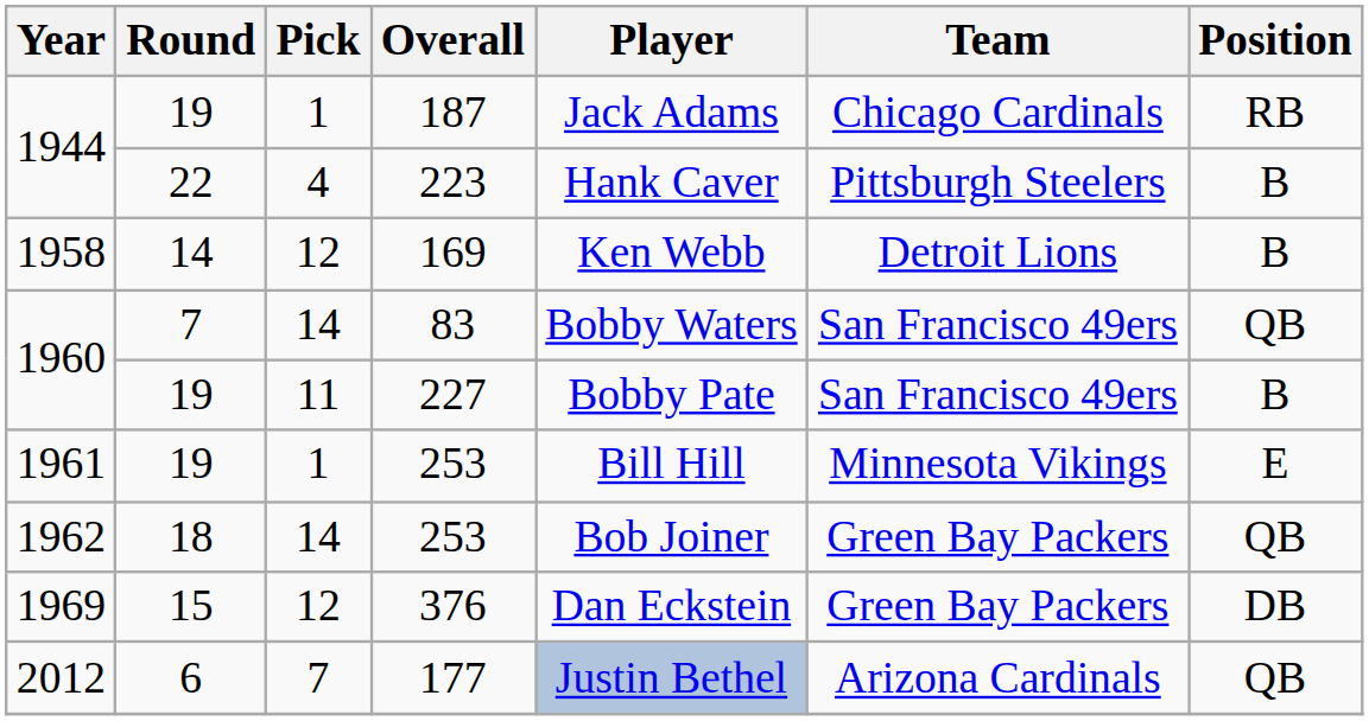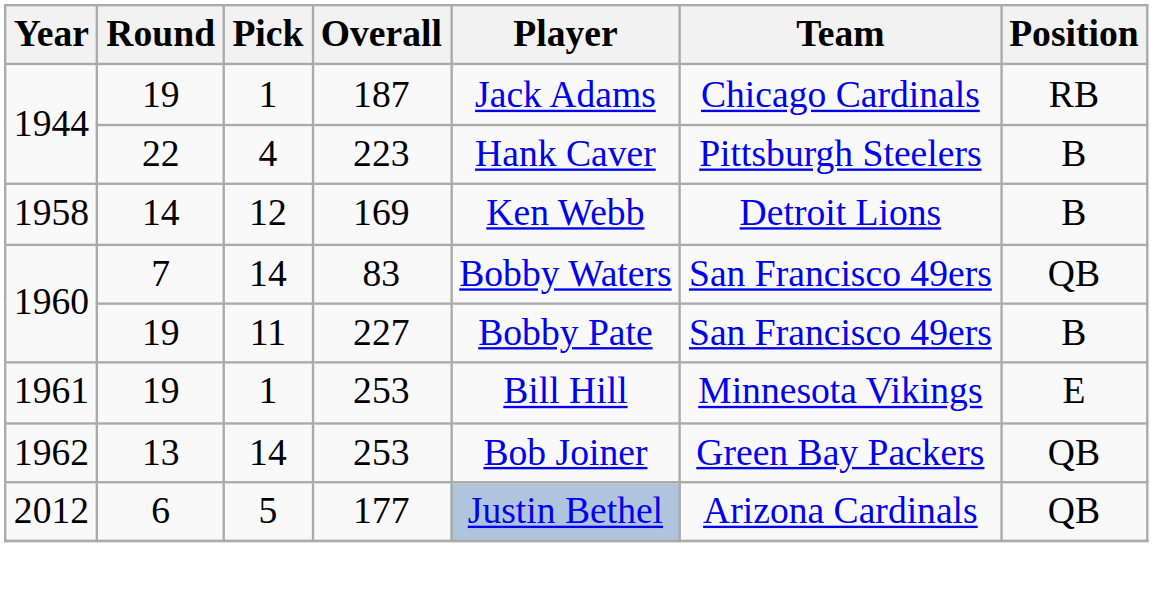 <table class="wikitable sortable" style="text-align: center;">
 <tr>
 <th>Year</th>
 <th>Round</th>
 <th>Pick</th>
 <th>Overall</th>
 <th>Player</th>
 <th>Team</th>
 <th>Position</th>
 </tr>
 <tr>
 <td rowspan="2">1944</td>
 <td>19</td>
 <td>1</td>
 <td>187</td>
 <td><a href='#'>Jack Adams</a></td>
 <td><a href='#'>Chicago Cardinals</a></td>
 <td>RB</td>
 </tr>
 <tr>
 <td>22</td>
 <td>4</td>
 <td>223</td>
 <td><a href='#'>Hank Caver</a></td>
 <td><a href='#'>Pittsburgh Steelers</a></td>
 <td>B</td>
 </tr>
 <tr>
 <td>1958</td>
 <td>14</td>
 <td>12</td>
 <td>169</td>
 <td><a href='#'>Ken Webb</a></td>
 <td><a href='#'>Detroit Lions</a></td>
 <td>B</td>
 </tr>
 <tr>
 <td rowspan="2">1960</td>
 <td>7</td>
 <td>14</td>
 <td>83</td>
 <td><a href='#'>Bobby Waters</a></td>
 <td><a href='#'>San Francisco 49ers</a></td>
 <td>QB</td>
 </tr>
 <tr>
 <td>19</td>
 <td>11</td>
 <td>227</td>
 <td><a href='#'>Bobby Pate</a></td>
 <td><a href='#'>San Francisco 49ers</a></td>
 <td>B</td>
 </tr>
 <tr>
 <td>1961</td>
 <td>19</td>
 <td>1</td>
 <td>253</td>
 <td><a href='#'>Bill Hill</a></td>
 <td><a href='#'>Minnesota Vikings</a></td>
 <td>E</td>
 </tr>
 <tr>
 <td>1962</td>
-<td>18</td>
+<td>13</td>
 <td>14</td>
 <td>253</td>
 <td><a href='#'>Bob Joiner</a></td>
 <td><a href='#'>Green Bay Packers</a></td>
 <td>QB</td>
 </tr>
 <tr>
-<td>1969</td>
-<td>15</td>
-<td>12</td>
-<td>376</td>
-<td><a href='#'>Dan Eckstein</a></td>
-<td><a href='#'>Green Bay Packers</a></td>
-<td>DB</td>
-</tr>
-<tr>
 <td>2012</td>
 <td>6</td>
-<td>7</td>
+<td>5</td>
 <td>177</td>
 <td style="background-color:lightsteelblue"><a href='#'>Justin Bethel</a></td>
 <td><a href='#'>Arizona Cardinals</a></td>
 <td>QB</td>
 </tr>
 <tr>
 </tr>
 </table>
